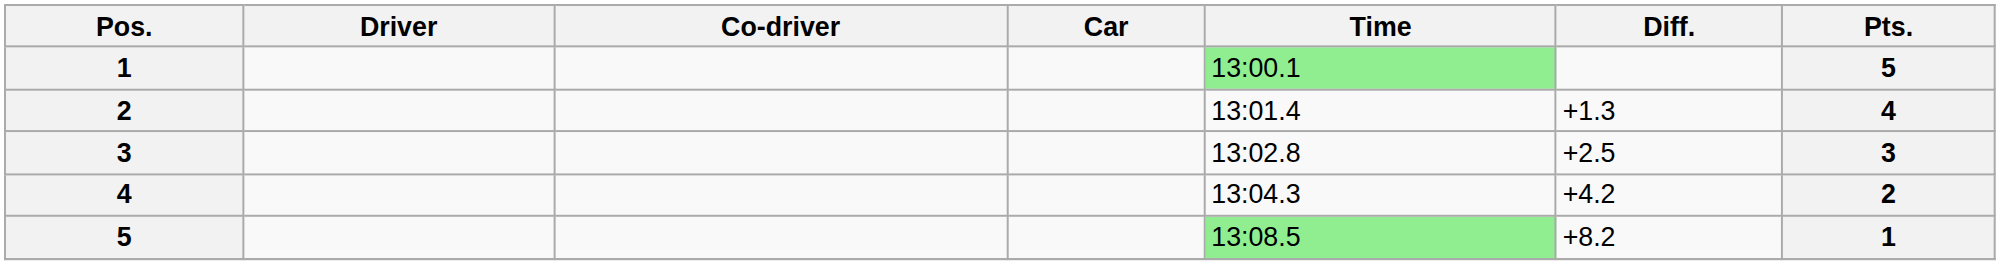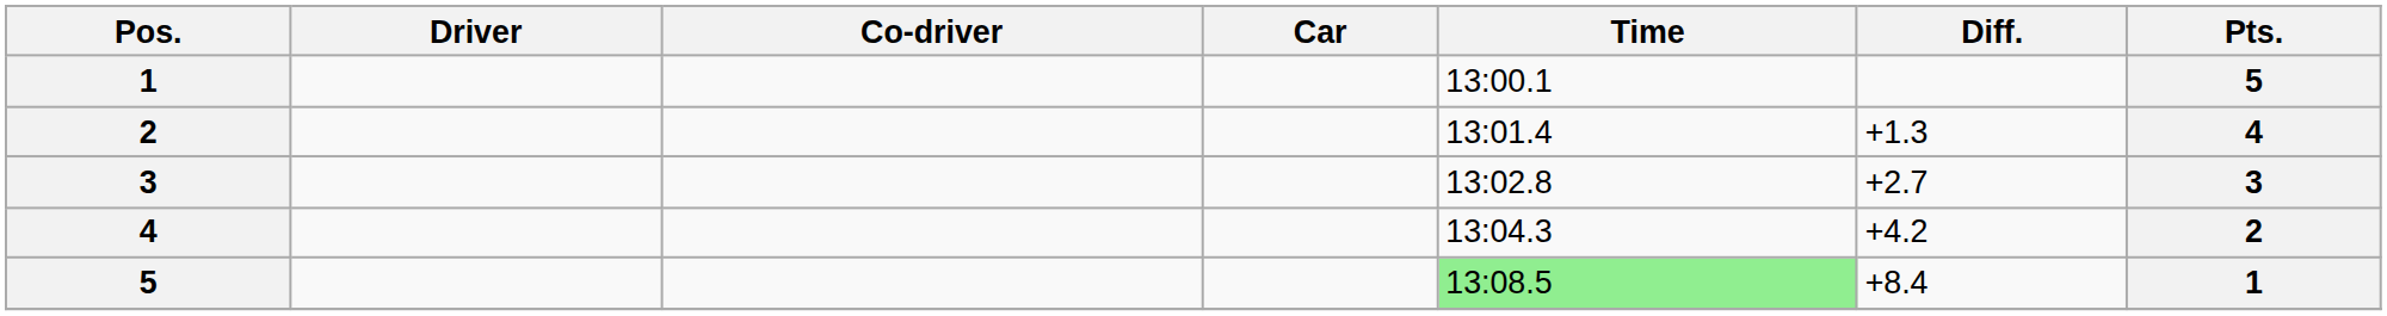 <table class="wikitable" width=80% style="font-size: 85%;">
 <tr>
 <th>Pos.</th>
 <th>Driver</th>
 <th>Co-driver</th>
 <th>Car</th>
 <th>Time</th>
 <th>Diff.</th>
 <th>Pts.</th>
 </tr>
 <tr>
 <th>1</th>
 <td></td>
 <td></td>
 <td></td>
-<td style="background: lightgreen;">13:00.1</td>
+<td>13:00.1</td>
 <td></td>
 <th>5</th>
 </tr>
 <tr>
 <th>2</th>
 <td></td>
 <td></td>
 <td></td>
 <td>13:01.4</td>
 <td>+1.3</td>
 <th>4</th>
 </tr>
 <tr>
 <th>3</th>
 <td></td>
 <td></td>
 <td></td>
 <td>13:02.8</td>
-<td>+2.5</td>
+<td>+2.7</td>
 <th>3</th>
 </tr>
 <tr>
 <th>4</th>
 <td></td>
 <td></td>
 <td></td>
 <td>13:04.3</td>
 <td>+4.2</td>
 <th>2</th>
 </tr>
 <tr>
 <th>5</th>
 <td></td>
 <td></td>
 <td></td>
 <td style="background: lightgreen;">13:08.5</td>
-<td>+8.2</td>
+<td>+8.4</td>
 <th>1</th>
 </tr>
 <tr>
 </tr>
 </table>
